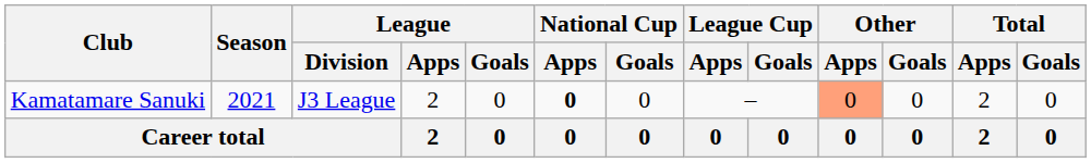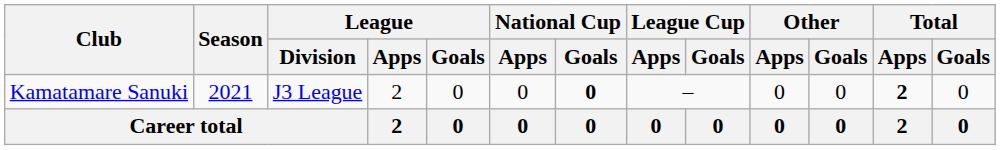 <table class="wikitable" style="text-align: center">
 <tr>
 <th rowspan="2">Club</th>
 <th rowspan="2">Season</th>
 <th colspan="3">League</th>
 <th colspan="2">National Cup</th>
 <th colspan="2">League Cup</th>
 <th colspan="2">Other</th>
 <th colspan="2">Total</th>
 </tr>
 <tr>
 <th>Division</th>
 <th>Apps</th>
 <th>Goals</th>
 <th>Apps</th>
 <th>Goals</th>
 <th>Apps</th>
 <th>Goals</th>
 <th>Apps</th>
 <th>Goals</th>
 <th>Apps</th>
 <th>Goals</th>
 </tr>
 <tr>
 <td><a href='#'>Kamatamare Sanuki</a></td>
 <td><a href='#'>2021</a></td>
 <td><a href='#'>J3 League</a></td>
 <td>2</td>
 <td>0</td>
+<td>0</td>
 <td><strong>0</strong></td>
+<td colspan="2">–</td>
 <td>0</td>
-<td colspan="2">–</td>
-<td style="background: lightsalmon;">0</td>
 <td>0</td>
-<td>2</td>
+<td><strong>2</strong></td>
 <td>0</td>
 </tr>
 <tr>
 <th colspan=3>Career total</th>
 <th>2</th>
 <th>0</th>
 <th>0</th>
 <th>0</th>
 <th>0</th>
 <th>0</th>
 <th>0</th>
 <th>0</th>
 <th>2</th>
 <th>0</th>
 </tr>
 </table>
